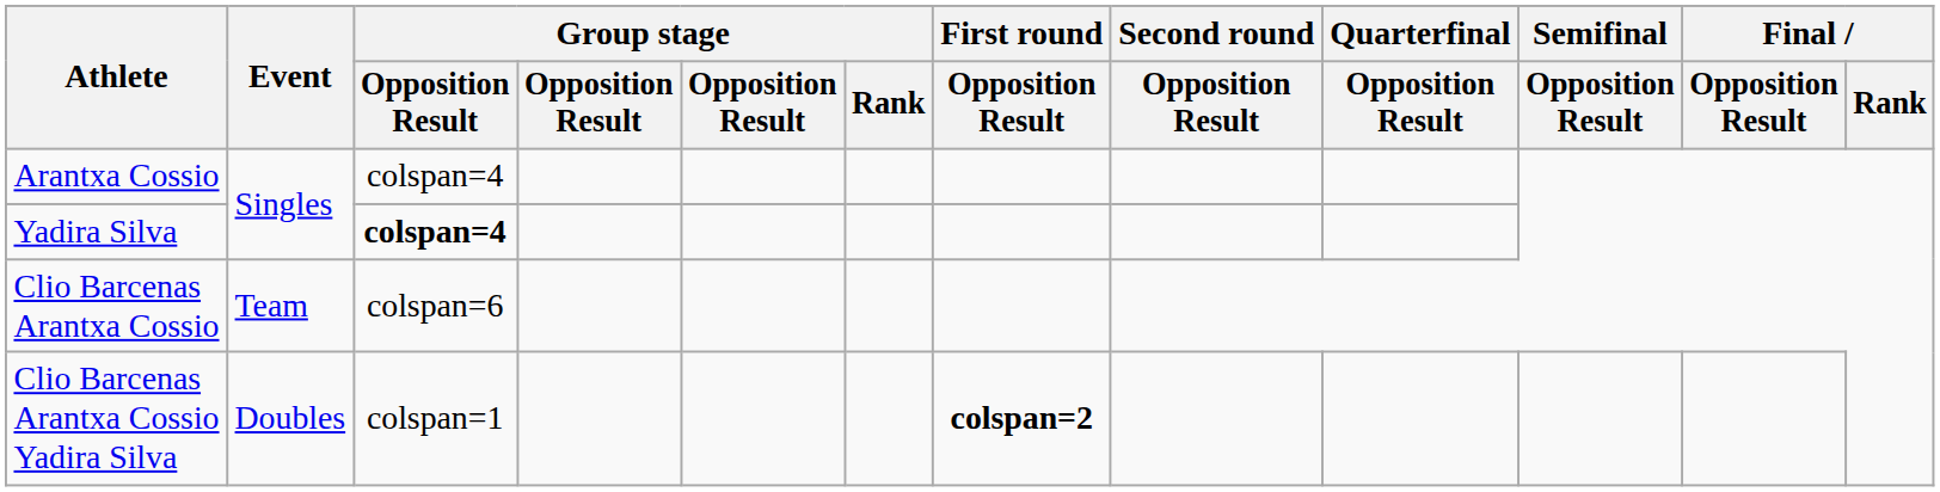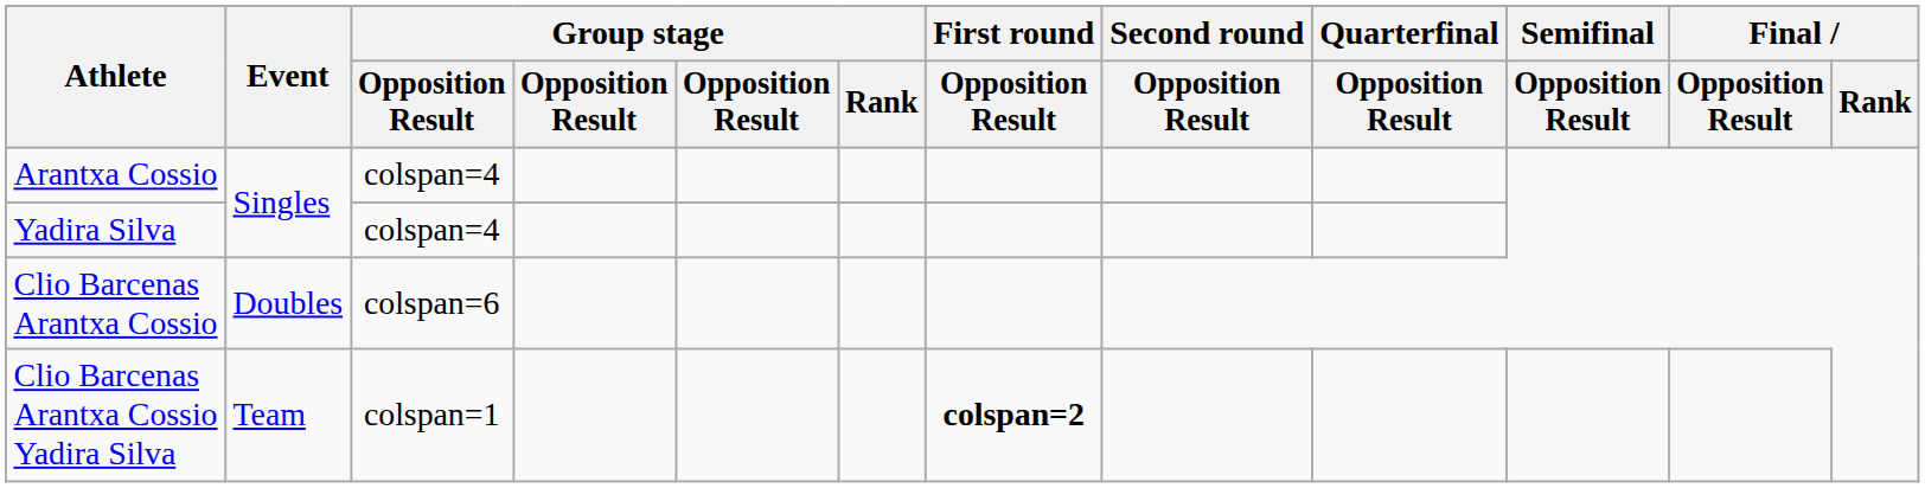 <table class=wikitable style=font-size:90%;text-align:center>
 <tr>
 <th rowspan=2>Athlete</th>
 <th rowspan=2>Event</th>
 <th colspan=4>Group stage</th>
 <th>First round</th>
 <th>Second round</th>
 <th>Quarterfinal</th>
 <th>Semifinal</th>
 <th colspan=2>Final / </th>
 </tr>
 <tr style=font-size:95%>
 <th>Opposition<br>Result</th>
 <th>Opposition<br>Result</th>
 <th>Opposition<br>Result</th>
 <th>Rank</th>
 <th>Opposition<br>Result</th>
 <th>Opposition<br>Result</th>
 <th>Opposition<br>Result</th>
 <th>Opposition<br>Result</th>
 <th>Opposition<br>Result</th>
 <th>Rank</th>
 </tr>
 <tr>
 <td align=left><a href='#'>Arantxa Cossio</a></td>
 <td align=left rowspan=2><a href='#'>Singles</a></td>
 <td>colspan=4 </td>
 <td></td>
 <td></td>
 <td></td>
 <td></td>
 <td></td>
 <td></td>
 </tr>
 <tr>
 <td align=left><a href='#'>Yadira Silva</a></td>
-<td><strong>colspan=4 </strong></td>
+<td>colspan=4 </td>
 <td></td>
 <td></td>
 <td></td>
 <td></td>
 <td></td>
 <td></td>
 </tr>
 <tr>
 <td align=left><a href='#'>Clio Barcenas</a><br><a href='#'>Arantxa Cossio</a></td>
-<td align=left><a href='#'>Team</a></td>
+<td align=left><a href='#'>Doubles</a></td>
 <td>colspan=6 </td>
 <td></td>
 <td></td>
 <td></td>
 <td></td>
 </tr>
 <tr>
 <td align=left><a href='#'>Clio Barcenas</a><br><a href='#'>Arantxa Cossio</a><br><a href='#'>Yadira Silva</a></td>
-<td align=left><a href='#'>Doubles</a></td>
+<td align=left><a href='#'>Team</a></td>
 <td>colspan=1 </td>
 <td></td>
 <td></td>
 <td></td>
 <td><strong>colspan=2 </strong></td>
 <td></td>
 <td></td>
 <td></td>
 <td></td>
 </tr>
 </table>
